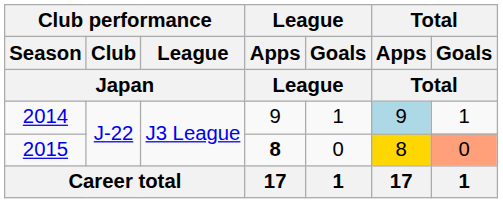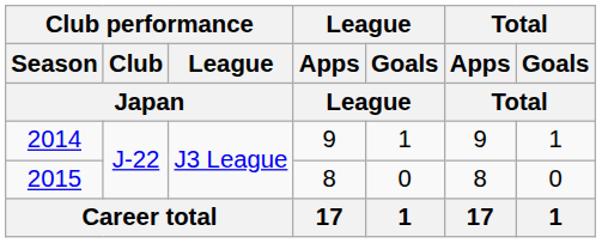 <table class="wikitable" style="text-align:center">
 <tr>
 <th colspan=3>Club performance</th>
 <th colspan=2>League</th>
 <th colspan=2>Total</th>
 </tr>
 <tr>
 <th>Season</th>
 <th>Club</th>
 <th>League</th>
 <th>Apps</th>
 <th>Goals</th>
 <th>Apps</th>
 <th>Goals</th>
 </tr>
 <tr>
 <th colspan=3>Japan</th>
 <th colspan=2>League</th>
 <th colspan=2>Total</th>
 </tr>
 <tr>
 <td><a href='#'>2014</a></td>
 <td rowspan="2"><a href='#'>J-22</a></td>
 <td rowspan="2"><a href='#'>J3 League</a></td>
 <td>9</td>
 <td>1</td>
-<td style="background: lightblue;">9</td>
+<td>9</td>
 <td>1</td>
 </tr>
 <tr>
 <td><a href='#'>2015</a></td>
-<td><strong>8</strong></td>
+<td>8</td>
 <td>0</td>
-<td style="background: gold;">8</td>
-<td style="background: lightsalmon;">0</td>
+<td>8</td>
+<td>0</td>
 </tr>
 <tr>
 <th colspan=3>Career total</th>
 <th>17</th>
 <th>1</th>
 <th>17</th>
 <th>1</th>
 </tr>
 </table>
